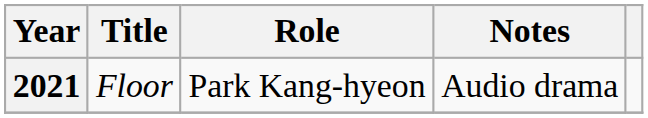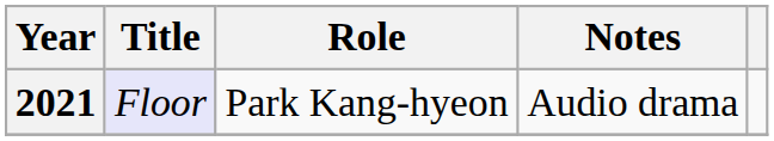 <table class="wikitable sortable plainrowheaders">
 <tr>
 <th scope="col">Year</th>
 <th scope="col">Title</th>
 <th scope="col">Role</th>
 <th scope="col">Notes</th>
 <th scope="col" class="unsortable"></th>
 </tr>
 <tr>
 <th scope="row">2021</th>
-<td><em>Floor</em></td>
+<td style="background: lavender;"><em>Floor</em></td>
 <td>Park Kang-hyeon</td>
 <td>Audio drama</td>
 <td></td>
 </tr>
 <tr>
 </tr>
 </table>
